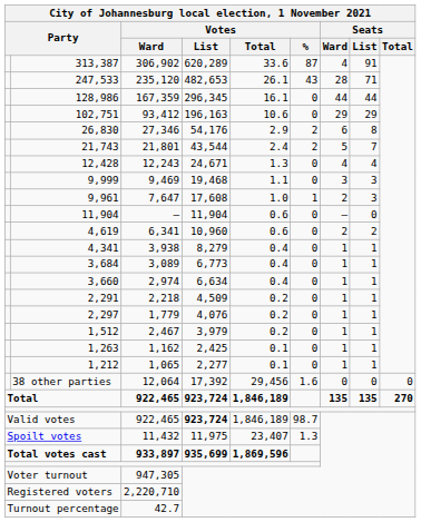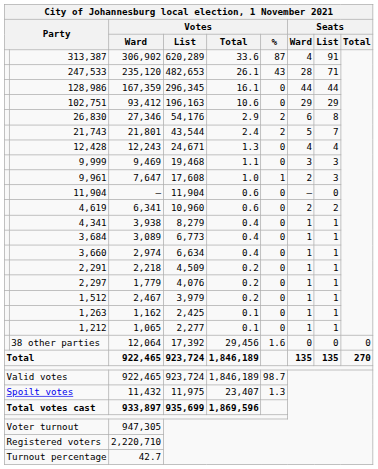 <table class=wikitable style="text-align:right">
 <tr>
 <th colspan="9" align="center">City of Johannesburg local election, 1 November 2021</th>
 </tr>
 <tr>
 <th rowspan="2" colspan="2">Party</th>
 <th colspan="4" align="center">Votes</th>
 <th colspan="3" align="center">Seats</th>
 </tr>
 <tr>
 <th>Ward</th>
 <th>List</th>
 <th>Total</th>
 <th>%</th>
 <th>Ward</th>
 <th>List</th>
 <th>Total</th>
 </tr>
 <tr>
 <td></td>
 <td>313,387</td>
 <td>306,902</td>
 <td>620,289</td>
 <td>33.6</td>
 <td>87</td>
 <td>4</td>
 <td>91</td>
 </tr>
 <tr>
 <td></td>
 <td>247,533</td>
 <td>235,120</td>
 <td>482,653</td>
 <td>26.1</td>
 <td>43</td>
 <td>28</td>
 <td>71</td>
 </tr>
 <tr>
 <td></td>
 <td>128,986</td>
 <td>167,359</td>
 <td>296,345</td>
 <td>16.1</td>
 <td>0</td>
 <td>44</td>
 <td>44</td>
 </tr>
 <tr>
 <td></td>
 <td>102,751</td>
 <td>93,412</td>
 <td>196,163</td>
 <td>10.6</td>
 <td>0</td>
 <td>29</td>
 <td>29</td>
 </tr>
 <tr>
 <td></td>
 <td>26,830</td>
 <td>27,346</td>
 <td>54,176</td>
 <td>2.9</td>
 <td>2</td>
 <td>6</td>
 <td>8</td>
 </tr>
 <tr>
 <td></td>
 <td>21,743</td>
 <td>21,801</td>
 <td>43,544</td>
 <td>2.4</td>
 <td>2</td>
 <td>5</td>
 <td>7</td>
 </tr>
 <tr>
 <td></td>
 <td>12,428</td>
 <td>12,243</td>
 <td>24,671</td>
 <td>1.3</td>
 <td>0</td>
 <td>4</td>
 <td>4</td>
 </tr>
 <tr>
 <td></td>
 <td>9,999</td>
 <td>9,469</td>
 <td>19,468</td>
 <td>1.1</td>
 <td>0</td>
 <td>3</td>
 <td>3</td>
 </tr>
 <tr>
 <td></td>
 <td>9,961</td>
 <td>7,647</td>
 <td>17,608</td>
 <td>1.0</td>
 <td>1</td>
 <td>2</td>
 <td>3</td>
 </tr>
 <tr>
 <td></td>
 <td>11,904</td>
 <td>–</td>
 <td>11,904</td>
 <td>0.6</td>
 <td>0</td>
 <td>–</td>
 <td>0</td>
 </tr>
 <tr>
 <td></td>
 <td>4,619</td>
 <td>6,341</td>
 <td>10,960</td>
 <td>0.6</td>
 <td>0</td>
 <td>2</td>
 <td>2</td>
 </tr>
 <tr>
 <td></td>
 <td>4,341</td>
 <td>3,938</td>
 <td>8,279</td>
 <td>0.4</td>
 <td>0</td>
 <td>1</td>
 <td>1</td>
 </tr>
 <tr>
 <td></td>
 <td>3,684</td>
 <td>3,089</td>
 <td>6,773</td>
 <td>0.4</td>
 <td>0</td>
 <td>1</td>
 <td>1</td>
 </tr>
 <tr>
 <td></td>
 <td>3,660</td>
 <td>2,974</td>
 <td>6,634</td>
 <td>0.4</td>
 <td>0</td>
 <td>1</td>
 <td>1</td>
 </tr>
 <tr>
 <td></td>
 <td>2,291</td>
 <td>2,218</td>
 <td>4,509</td>
 <td>0.2</td>
 <td>0</td>
 <td>1</td>
 <td>1</td>
 </tr>
 <tr>
 <td></td>
 <td>2,297</td>
 <td>1,779</td>
 <td>4,076</td>
 <td>0.2</td>
 <td>0</td>
 <td>1</td>
 <td>1</td>
 </tr>
 <tr>
 <td></td>
 <td>1,512</td>
 <td>2,467</td>
 <td>3,979</td>
 <td>0.2</td>
 <td>0</td>
 <td>1</td>
 <td>1</td>
 </tr>
 <tr>
 <td></td>
 <td>1,263</td>
 <td>1,162</td>
 <td>2,425</td>
 <td>0.1</td>
 <td>0</td>
 <td>1</td>
 <td>1</td>
 </tr>
 <tr>
 <td></td>
 <td>1,212</td>
 <td>1,065</td>
 <td>2,277</td>
 <td>0.1</td>
 <td>0</td>
 <td>1</td>
 <td>1</td>
 </tr>
 <tr>
 <td></td>
 <td style="text-align:left">38 other parties</td>
 <td>12,064</td>
 <td>17,392</td>
 <td>29,456</td>
 <td>1.6</td>
 <td>0</td>
 <td>0</td>
 <td>0</td>
 </tr>
 <tr>
 <td colspan="2" style="text-align:left"><strong>Total</strong></td>
 <td><strong>922,465</strong></td>
 <td><strong>923,724</strong></td>
 <td><strong>1,846,189</strong></td>
 <td></td>
 <td><strong>135</strong></td>
 <td><strong>135</strong></td>
 <td><strong>270</strong></td>
 </tr>
 <tr>
 <td colspan="9"></td>
 </tr>
 <tr>
 <td colspan="2" style="text-align:left">Valid votes</td>
 <td>922,465</td>
-<td><strong>923,724</strong></td>
+<td>923,724</td>
 <td>1,846,189</td>
 <td>98.7</td>
 </tr>
 <tr>
 <td colspan="2" style="text-align:left"><a href='#'>Spoilt votes</a></td>
 <td>11,432</td>
 <td>11,975</td>
 <td>23,407</td>
 <td>1.3</td>
 </tr>
 <tr>
 <td colspan="2" style="text-align:left"><strong>Total votes cast</strong></td>
 <td><strong>933,897</strong></td>
 <td><strong>935,699</strong></td>
 <td><strong>1,869,596</strong></td>
 <td></td>
 </tr>
 <tr>
 <td colspan="6"></td>
 </tr>
 <tr>
 <td colspan="2" style="text-align:left">Voter turnout</td>
 <td>947,305</td>
 </tr>
 <tr>
 <td colspan="2" style="text-align:left">Registered voters</td>
 <td>2,220,710</td>
 </tr>
 <tr>
 <td colspan="2" style="text-align:left">Turnout percentage</td>
 <td>42.7</td>
 </tr>
 </table>
